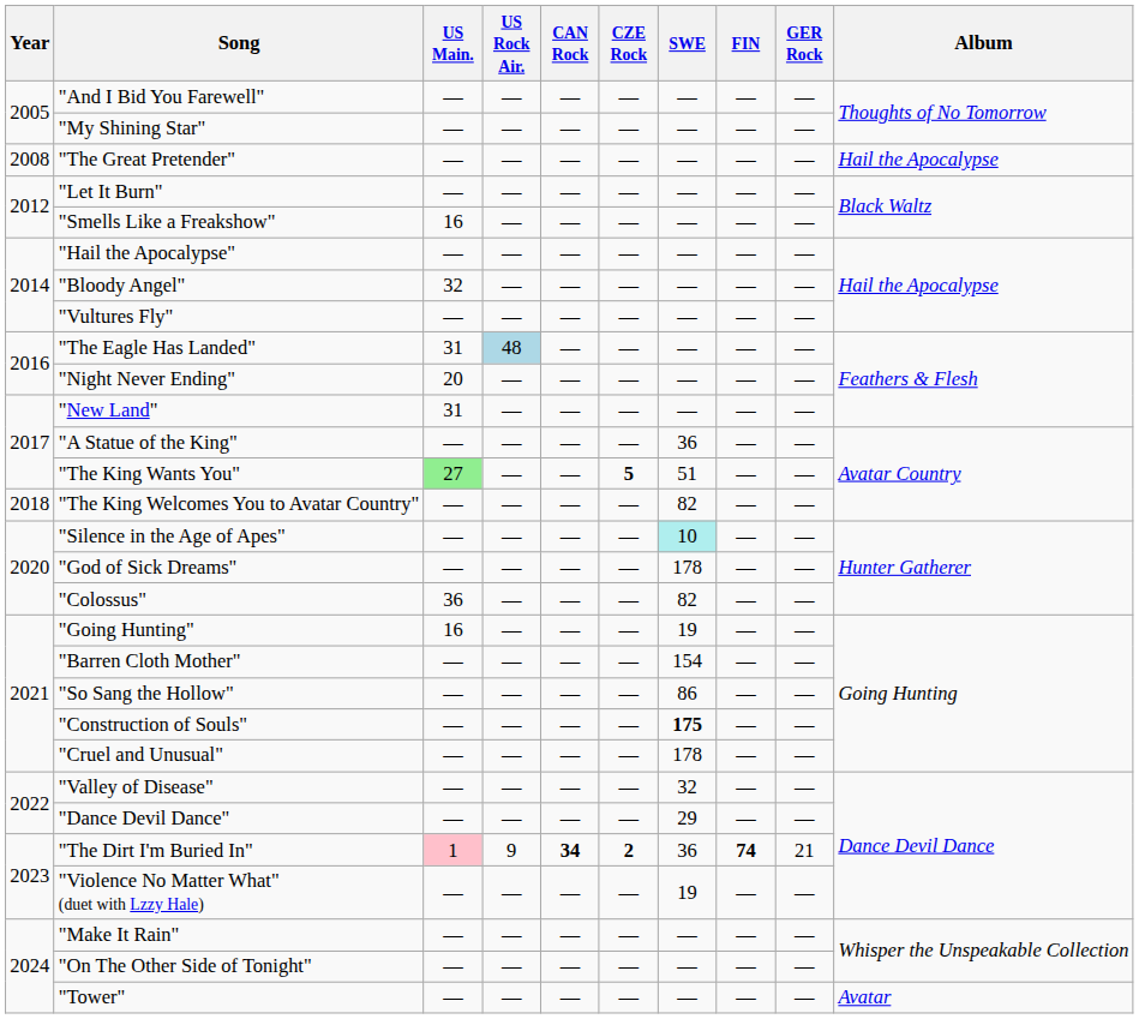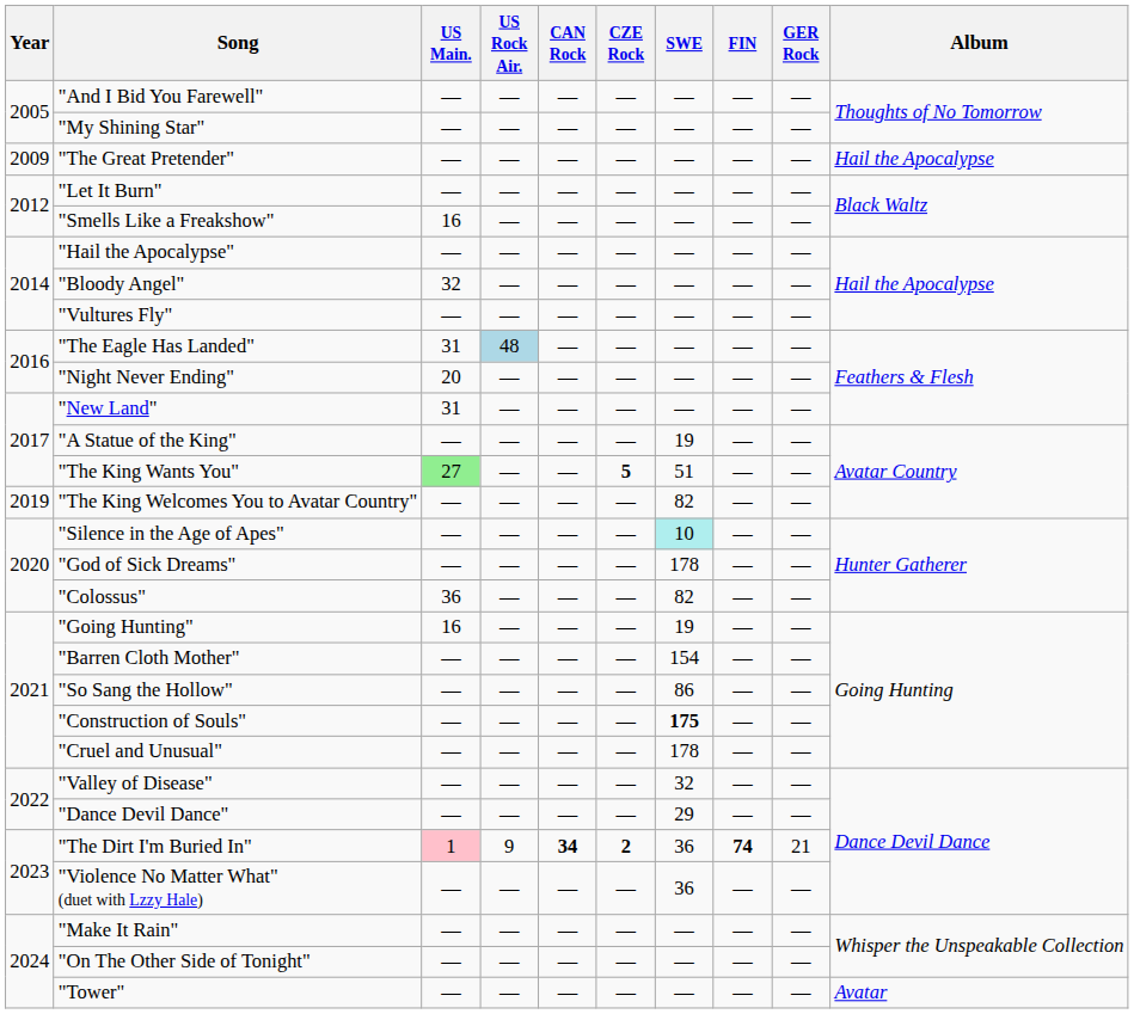 <table class="wikitable">
 <tr>
 <th>Year</th>
 <th>Song</th>
 <th style="width:40px;"><small><a href='#'>US<br>Main.</a></small><br></th>
 <th style="width:40px;"><small><a href='#'>US<br>Rock Air.</a></small><br></th>
 <th style="width:40px;"><small><a href='#'>CAN<br>Rock</a></small><br></th>
 <th style="width:40px;"><small><a href='#'>CZE<br>Rock</a></small><br></th>
 <th style="width:40px;"><small><a href='#'>SWE</a></small><br></th>
 <th style="width:40px;"><small><a href='#'>FIN</a></small><br></th>
 <th style="width:40px;"><small><a href='#'>GER<br>Rock</a></small><br></th>
 <th>Album</th>
 </tr>
 <tr>
 <td rowspan="2">2005</td>
 <td>"And I Bid You Farewell"</td>
 <td align="center">—</td>
 <td align="center">—</td>
 <td align="center">—</td>
 <td align="center">—</td>
 <td align="center">—</td>
 <td align="center">—</td>
 <td align="center">—</td>
 <td rowspan="2"><em><a href='#'>Thoughts of No Tomorrow</a></em></td>
 </tr>
 <tr>
 <td>"My Shining Star"</td>
 <td align="center">—</td>
 <td align="center">—</td>
 <td align="center">—</td>
 <td align="center">—</td>
 <td align="center">—</td>
 <td align="center">—</td>
 <td align="center">—</td>
 </tr>
 <tr>
-<td rowspan="1">2008</td>
+<td rowspan="1">2009</td>
 <td>"The Great Pretender"</td>
 <td align="center">—</td>
 <td align="center">—</td>
 <td align="center">—</td>
 <td align="center">—</td>
 <td align="center">—</td>
 <td align="center">—</td>
 <td align="center">—</td>
 <td><em><a href='#'>Hail the Apocalypse</a></em></td>
 </tr>
 <tr>
 <td rowspan="2">2012</td>
 <td>"Let It Burn"</td>
 <td align="center">—</td>
 <td align="center">—</td>
 <td align="center">—</td>
 <td align="center">—</td>
 <td align="center">—</td>
 <td align="center">—</td>
 <td align="center">—</td>
 <td rowspan="2"><em><a href='#'>Black Waltz</a></em></td>
 </tr>
 <tr>
 <td>"Smells Like a Freakshow"</td>
 <td align="center">16</td>
 <td align="center">—</td>
 <td align="center">—</td>
 <td align="center">—</td>
 <td align="center">—</td>
 <td align="center">—</td>
 <td align="center">—</td>
 </tr>
 <tr>
 <td rowspan="3">2014</td>
 <td>"Hail the Apocalypse"</td>
 <td align="center">—</td>
 <td align="center">—</td>
 <td align="center">—</td>
 <td align="center">—</td>
 <td align="center">—</td>
 <td align="center">—</td>
 <td align="center">—</td>
 <td rowspan="3"><em><a href='#'>Hail the Apocalypse</a></em></td>
 </tr>
 <tr>
 <td>"Bloody Angel"</td>
 <td align="center">32</td>
 <td align="center">—</td>
 <td align="center">—</td>
 <td align="center">—</td>
 <td align="center">—</td>
 <td align="center">—</td>
 <td align="center">—</td>
 </tr>
 <tr>
 <td>"Vultures Fly"</td>
 <td align="center">—</td>
 <td align="center">—</td>
 <td align="center">—</td>
 <td align="center">—</td>
 <td align="center">—</td>
 <td align="center">—</td>
 <td align="center">—</td>
 </tr>
 <tr>
 <td rowspan="2">2016</td>
 <td>"The Eagle Has Landed"</td>
 <td align="center">31</td>
 <td align="center" style="background: lightblue;">48</td>
 <td align="center">—</td>
 <td align="center">—</td>
 <td align="center">—</td>
 <td align="center">—</td>
 <td align="center">—</td>
 <td rowspan="3"><em><a href='#'>Feathers & Flesh</a></em></td>
 </tr>
 <tr>
 <td>"Night Never Ending"</td>
 <td align="center">20</td>
 <td align="center">—</td>
 <td align="center">—</td>
 <td align="center">—</td>
 <td align="center">—</td>
 <td align="center">—</td>
 <td align="center">—</td>
 </tr>
 <tr>
 <td rowspan="3">2017</td>
 <td>"<a href='#'>New Land</a>"</td>
 <td align="center">31</td>
 <td align="center">—</td>
 <td align="center">—</td>
 <td align="center">—</td>
 <td align="center">—</td>
 <td align="center">—</td>
 <td align="center">—</td>
 </tr>
 <tr>
 <td>"A Statue of the King"</td>
 <td align="center">—</td>
 <td align="center">—</td>
 <td align="center">—</td>
 <td align="center">—</td>
-<td align="center">36</td>
+<td align="center">19</td>
 <td align="center">—</td>
 <td align="center">—</td>
 <td rowspan="3"><em><a href='#'>Avatar Country</a></em></td>
 </tr>
 <tr>
 <td>"The King Wants You"</td>
 <td align="center" style="background: lightgreen;">27</td>
 <td align="center">—</td>
 <td align="center">—</td>
 <td align="center"><strong>5</strong></td>
 <td align="center">51</td>
 <td align="center">—</td>
 <td align="center">—</td>
 </tr>
 <tr>
-<td rowspan="1">2018</td>
+<td rowspan="1">2019</td>
 <td>"The King Welcomes You to Avatar Country"</td>
 <td align="center">—</td>
 <td align="center">—</td>
 <td align="center">—</td>
 <td align="center">—</td>
 <td align="center">82</td>
 <td align="center">—</td>
 <td align="center">—</td>
 </tr>
 <tr>
 <td rowspan="3">2020</td>
 <td>"Silence in the Age of Apes"</td>
 <td align="center">—</td>
 <td align="center">—</td>
 <td align="center">—</td>
 <td align="center">—</td>
 <td align="center" style="background: paleturquoise;">10</td>
 <td align="center">—</td>
 <td align="center">—</td>
 <td rowspan="3"><em><a href='#'>Hunter Gatherer</a></em></td>
 </tr>
 <tr>
 <td>"God of Sick Dreams"</td>
 <td align="center">—</td>
 <td align="center">—</td>
 <td align="center">—</td>
 <td align="center">—</td>
 <td align="center">178</td>
 <td align="center">—</td>
 <td align="center">—</td>
 </tr>
 <tr>
 <td>"Colossus"</td>
 <td align="center">36</td>
 <td align="center">—</td>
 <td align="center">—</td>
 <td align="center">—</td>
 <td align="center">82</td>
 <td align="center">—</td>
 <td align="center">—</td>
 </tr>
 <tr>
 <td rowspan="5">2021</td>
 <td>"Going Hunting"</td>
 <td align="center">16</td>
 <td align="center">—</td>
 <td align="center">—</td>
 <td align="center">—</td>
 <td align="center">19</td>
 <td align="center">—</td>
 <td align="center">—</td>
 <td rowspan="5"><em>Going Hunting</em></td>
 </tr>
 <tr>
 <td>"Barren Cloth Mother"</td>
 <td align="center">—</td>
 <td align="center">—</td>
 <td align="center">—</td>
 <td align="center">—</td>
 <td align="center">154</td>
 <td align="center">—</td>
 <td align="center">—</td>
 </tr>
 <tr>
 <td>"So Sang the Hollow"</td>
 <td align="center">—</td>
 <td align="center">—</td>
 <td align="center">—</td>
 <td align="center">—</td>
 <td align="center">86</td>
 <td align="center">—</td>
 <td align="center">—</td>
 </tr>
 <tr>
 <td>"Construction of Souls"</td>
 <td align="center">—</td>
 <td align="center">—</td>
 <td align="center">—</td>
 <td align="center">—</td>
 <td align="center"><strong>175</strong></td>
 <td align="center">—</td>
 <td align="center">—</td>
 </tr>
 <tr>
 <td>"Cruel and Unusual"</td>
 <td align="center">—</td>
 <td align="center">—</td>
 <td align="center">—</td>
 <td align="center">—</td>
 <td align="center">178</td>
 <td align="center">—</td>
 <td align="center">—</td>
 </tr>
 <tr>
 <td rowspan="2">2022</td>
 <td>"Valley of Disease"</td>
 <td align="center">—</td>
 <td align="center">—</td>
 <td align="center">—</td>
 <td align="center">—</td>
 <td align="center">32</td>
 <td align="center">—</td>
 <td align="center">—</td>
 <td rowspan="4"><em><a href='#'>Dance Devil Dance</a></em></td>
 </tr>
 <tr>
 <td>"Dance Devil Dance"</td>
 <td align="center">—</td>
 <td align="center">—</td>
 <td align="center">—</td>
 <td align="center">—</td>
 <td align="center">29</td>
 <td align="center">—</td>
 <td align="center">—</td>
 </tr>
 <tr>
 <td rowspan="2">2023</td>
 <td>"The Dirt I'm Buried In"</td>
 <td align="center" style="background: pink;">1</td>
 <td align="center">9</td>
 <td align="center"><strong>34</strong></td>
 <td align="center"><strong>2</strong></td>
 <td align="center">36</td>
 <td align="center"><strong>74</strong></td>
 <td align="center">21</td>
 </tr>
 <tr>
 <td>"Violence No Matter What"<br><small>(duet with <a href='#'>Lzzy Hale</a>)</small></td>
 <td align="center">—</td>
 <td align="center">—</td>
 <td align="center">—</td>
 <td align="center">—</td>
-<td align="center">19</td>
+<td align="center">36</td>
 <td align="center">—</td>
 <td align="center">—</td>
 </tr>
 <tr>
 <td rowspan="3">2024</td>
 <td>"Make It Rain"</td>
 <td align="center">—</td>
 <td align="center">—</td>
 <td align="center">—</td>
 <td align="center">—</td>
 <td align="center">—</td>
 <td align="center">—</td>
 <td align="center">—</td>
 <td rowspan="2"><em>Whisper the Unspeakable Collection</em></td>
 </tr>
 <tr>
 <td>"On The Other Side of Tonight"</td>
 <td align="center">—</td>
 <td align="center">—</td>
 <td align="center">—</td>
 <td align="center">—</td>
 <td align="center">—</td>
 <td align="center">—</td>
 <td align="center">—</td>
 </tr>
 <tr>
 <td>"Tower"</td>
 <td align="center">—</td>
 <td align="center">—</td>
 <td align="center">—</td>
 <td align="center">—</td>
 <td align="center">—</td>
 <td align="center">—</td>
 <td align="center">—</td>
 <td rowspan="1"><em><a href='#'>Avatar</a></em></td>
 </tr>
 </table>
